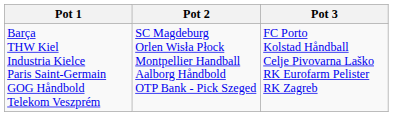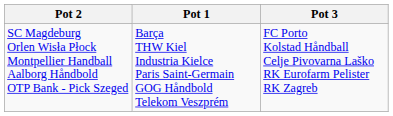 <table class="wikitable">
 <tr>
+<th style="width:33%;">Pot 2</th>
 <th style="width:33%;">Pot 1</th>
-<th style="width:33%;">Pot 2</th>
 <th style="width:33%;">Pot 3</th>
 </tr>
 <tr>
+<td valign="top"> <a href='#'>SC Magdeburg</a><br> <a href='#'>Orlen Wisła Płock</a><br> <a href='#'>Montpellier Handball</a><br> <a href='#'>Aalborg Håndbold</a><br> <a href='#'>OTP Bank - Pick Szeged</a></td>
 <td valign="top"> <a href='#'>Barça</a><br> <a href='#'>THW Kiel</a><br> <a href='#'>Industria Kielce</a><br> <a href='#'>Paris Saint-Germain</a><br> <a href='#'>GOG Håndbold</a><br> <a href='#'>Telekom Veszprém</a></td>
-<td valign="top"> <a href='#'>SC Magdeburg</a><br> <a href='#'>Orlen Wisła Płock</a><br> <a href='#'>Montpellier Handball</a><br> <a href='#'>Aalborg Håndbold</a><br> <a href='#'>OTP Bank - Pick Szeged</a></td>
 <td valign="top"> <a href='#'>FC Porto</a><br> <a href='#'>Kolstad Håndball</a><br> <a href='#'>Celje Pivovarna Laško</a><br> <a href='#'>RK Eurofarm Pelister</a><br> <a href='#'>RK Zagreb</a></td>
 </tr>
 </table>
